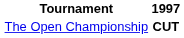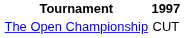 <table cclass="wikitable" style="font-size:95%;">
 <tr>
 <th>Tournament</th>
 <th>1997</th>
 </tr>
 <tr>
 <td><a href='#'>The Open Championship</a></td>
-<td align="center"><strong>CUT</strong></td>
+<td align="center">CUT</td>
 </tr>
 </table>
